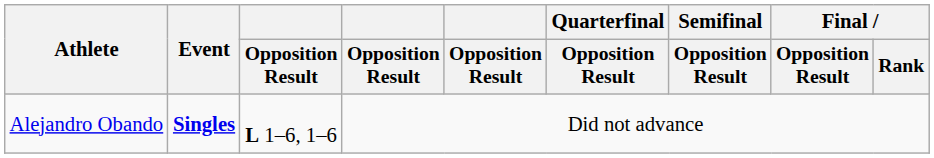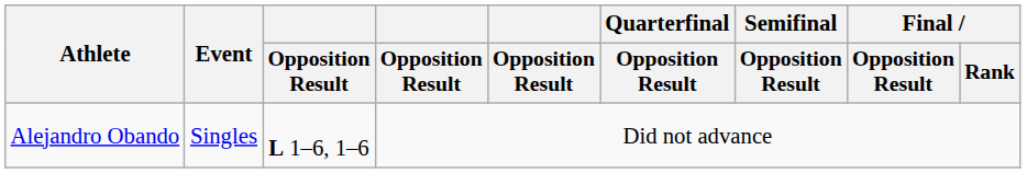 <table class=wikitable style=font-size:90%;text-align:center>
 <tr>
 <th rowspan=2>Athlete</th>
 <th rowspan=2>Event</th>
 <th></th>
 <th></th>
 <th></th>
 <th>Quarterfinal</th>
 <th>Semifinal</th>
 <th colspan=2>Final / </th>
 </tr>
 <tr style=font-size:95%>
 <th>Opposition<br>Result</th>
 <th>Opposition<br>Result</th>
 <th>Opposition<br>Result</th>
 <th>Opposition<br>Result</th>
 <th>Opposition<br>Result</th>
 <th>Opposition<br>Result</th>
 <th>Rank</th>
 </tr>
 <tr>
 <td align=left><a href='#'>Alejandro Obando</a></td>
-<td align=left><strong><a href='#'>Singles</a></strong></td>
+<td align=left><a href='#'>Singles</a></td>
 <td><br><strong>L</strong> 1–6, 1–6</td>
 <td colspan=6>Did not advance</td>
 </tr>
 </table>
